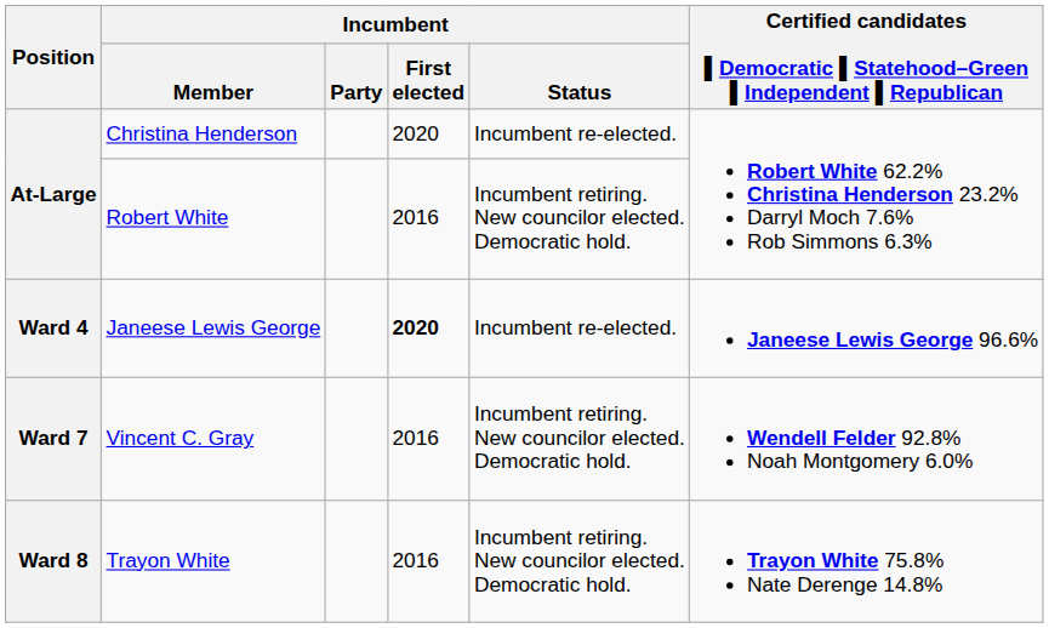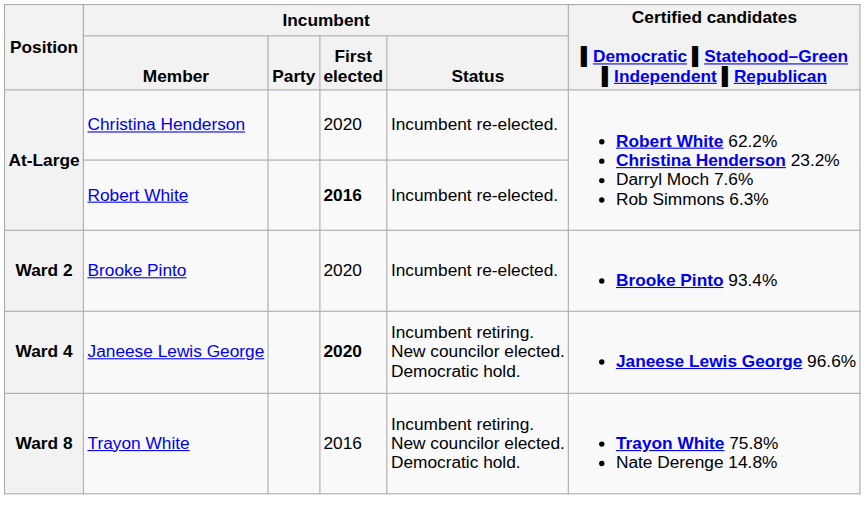 <table class="wikitable sortable">
 <tr>
 <th rowspan="2">Position</th>
 <th colspan="4">Incumbent</th>
 <th rowspan="2" class="unsortable">Certified candidates<br><br><span> <span>▌</span><a href='#'>Democratic</a> <span>▌</span><a href='#'>Statehood–Green</a> <br> <span>▌</span><a href='#'>Independent</a> <span>▌</span><a href='#'>Republican</a> </span></th>
 </tr>
 <tr valign="bottom">
 <th>Member</th>
 <th>Party</th>
 <th>First<br>elected</th>
 <th>Status</th>
 </tr>
 <tr>
 <th rowspan=2>At-Large</th>
 <td><a href='#'>Christina Henderson</a></td>
 <td></td>
 <td>2020</td>
 <td>Incumbent re-elected.</td>
 <td rowspan=2 nowrap=""><br><ul><li> <strong><a href='#'>Robert White</a></strong> 62.2%</li><li> <strong><a href='#'>Christina Henderson</a></strong> 23.2%</li><li>Darryl Moch 7.6%</li><li>Rob Simmons 6.3%</li></ul></td>
 </tr>
 <tr>
 <td><a href='#'>Robert White</a></td>
 <td></td>
-<td>2016</td>
-<td>Incumbent retiring.<br>New councilor elected.<br>Democratic hold.</td>
+<td><strong>2016</strong></td>
+<td>Incumbent re-elected.</td>
+</tr>
+<tr>
+<th>Ward 2</th>
+<td><a href='#'>Brooke Pinto</a></td>
+<td></td>
+<td>2020</td>
+<td>Incumbent re-elected.</td>
+<td nowrap=""><br><ul><li> <strong><a href='#'>Brooke Pinto</a></strong> 93.4%</li></ul></td>
 </tr>
 <tr>
 <th>Ward 4</th>
 <td><a href='#'>Janeese Lewis George</a></td>
 <td></td>
 <td><strong>2020</strong></td>
-<td>Incumbent re-elected.</td>
+<td>Incumbent retiring.<br>New councilor elected.<br>Democratic hold.</td>
 <td nowrap=""><br><ul><li> <strong><a href='#'>Janeese Lewis George</a></strong> 96.6%</li></ul></td>
-</tr>
-<tr>
-<th>Ward 7</th>
-<td><a href='#'>Vincent C. Gray</a></td>
-<td></td>
-<td>2016</td>
-<td>Incumbent retiring.<br>New councilor elected.<br>Democratic hold.</td>
-<td nowrap=""><br><ul><li> <strong><a href='#'>Wendell Felder</a></strong> 92.8%</li><li>Noah Montgomery 6.0%</li></ul></td>
 </tr>
 <tr>
 <th>Ward 8</th>
 <td><a href='#'>Trayon White</a></td>
 <td></td>
 <td>2016</td>
 <td>Incumbent retiring.<br>New councilor elected.<br>Democratic hold.</td>
 <td nowrap=""><br><ul><li> <strong><a href='#'>Trayon White</a></strong> 75.8%</li><li>Nate Derenge 14.8%</li></ul></td>
 </tr>
 </table>
